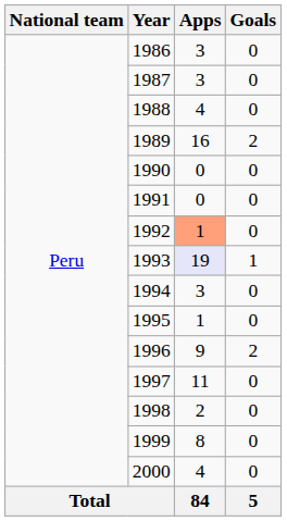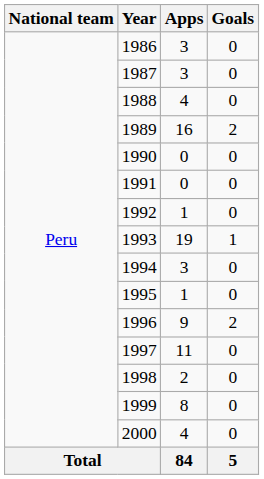 <table class="wikitable" style="text-align:center">
 <tr>
 <th>National team</th>
 <th>Year</th>
 <th>Apps</th>
 <th>Goals</th>
 </tr>
 <tr>
 <td rowspan="15"><a href='#'>Peru</a></td>
 <td>1986</td>
 <td>3</td>
 <td>0</td>
 </tr>
 <tr>
 <td>1987</td>
 <td>3</td>
 <td>0</td>
 </tr>
 <tr>
 <td>1988</td>
 <td>4</td>
 <td>0</td>
 </tr>
 <tr>
 <td>1989</td>
 <td>16</td>
 <td>2</td>
 </tr>
 <tr>
 <td>1990</td>
 <td>0</td>
 <td>0</td>
 </tr>
 <tr>
 <td>1991</td>
 <td>0</td>
 <td>0</td>
 </tr>
 <tr>
 <td>1992</td>
-<td style="background: lightsalmon;">1</td>
+<td>1</td>
 <td>0</td>
 </tr>
 <tr>
 <td>1993</td>
-<td style="background: lavender;">19</td>
+<td>19</td>
 <td>1</td>
 </tr>
 <tr>
 <td>1994</td>
 <td>3</td>
 <td>0</td>
 </tr>
 <tr>
 <td>1995</td>
 <td>1</td>
 <td>0</td>
 </tr>
 <tr>
 <td>1996</td>
 <td>9</td>
 <td>2</td>
 </tr>
 <tr>
 <td>1997</td>
 <td>11</td>
 <td>0</td>
 </tr>
 <tr>
 <td>1998</td>
 <td>2</td>
 <td>0</td>
 </tr>
 <tr>
 <td>1999</td>
 <td>8</td>
 <td>0</td>
 </tr>
 <tr>
 <td>2000</td>
 <td>4</td>
 <td>0</td>
 </tr>
 <tr>
 <th colspan="2">Total</th>
 <th>84</th>
 <th>5</th>
 </tr>
 </table>
